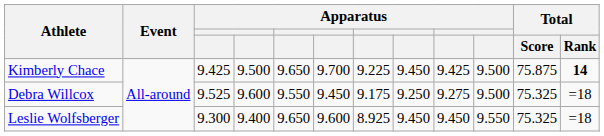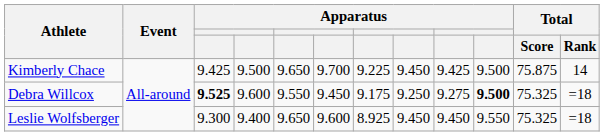 <table class=wikitable style=font-size:90%;text-align:center>
 <tr>
 <th rowspan=3>Athlete</th>
 <th rowspan=3>Event</th>
 <th colspan=8>Apparatus</th>
 <th colspan=2 rowspan=2>Total</th>
 </tr>
 <tr style=font-size:95%>
 <th colspan=2></th>
 <th colspan=2></th>
 <th colspan=2></th>
 <th colspan=2></th>
 </tr>
 <tr style=font-size:95%>
 <th></th>
 <th></th>
 <th></th>
 <th></th>
 <th></th>
 <th></th>
 <th></th>
 <th></th>
 <th>Score</th>
 <th>Rank</th>
 </tr>
 <tr>
 <td align=left><a href='#'>Kimberly Chace</a></td>
 <td align=left rowspan=3><a href='#'>All-around</a></td>
 <td>9.425</td>
 <td>9.500</td>
 <td>9.650</td>
 <td>9.700</td>
 <td>9.225</td>
 <td>9.450</td>
 <td>9.425</td>
 <td>9.500</td>
 <td>75.875</td>
-<td><strong>14</strong></td>
+<td>14</td>
 </tr>
 <tr>
 <td align=left><a href='#'>Debra Willcox</a></td>
-<td>9.525</td>
+<td><strong>9.525</strong></td>
 <td>9.600</td>
 <td>9.550</td>
 <td>9.450</td>
 <td>9.175</td>
 <td>9.250</td>
 <td>9.275</td>
-<td>9.500</td>
+<td><strong>9.500</strong></td>
 <td>75.325</td>
 <td>=18</td>
 </tr>
 <tr>
 <td align=left><a href='#'>Leslie Wolfsberger</a></td>
 <td>9.300</td>
 <td>9.400</td>
 <td>9.650</td>
 <td>9.600</td>
 <td>8.925</td>
 <td>9.450</td>
 <td>9.450</td>
 <td>9.550</td>
 <td>75.325</td>
 <td>=18</td>
 </tr>
 </table>
